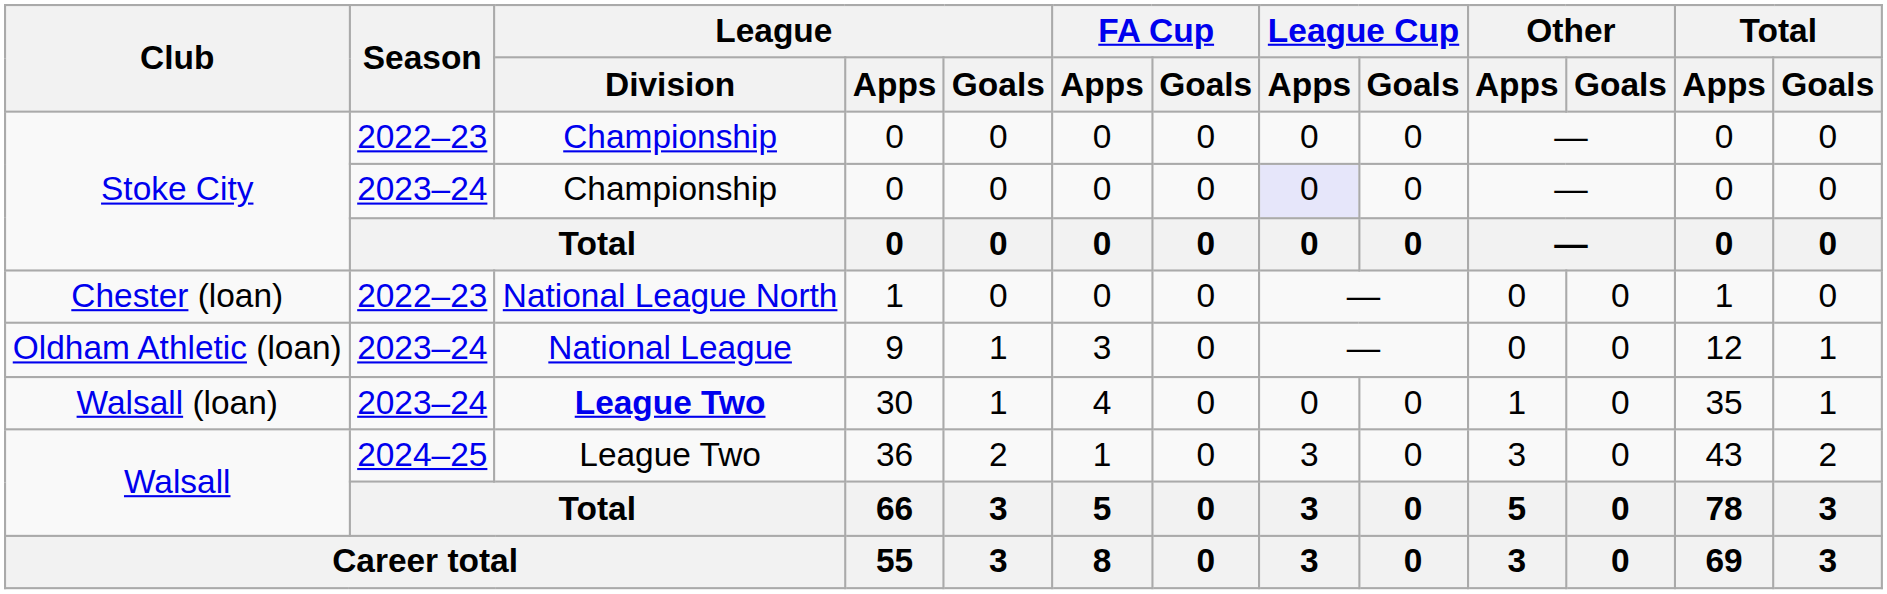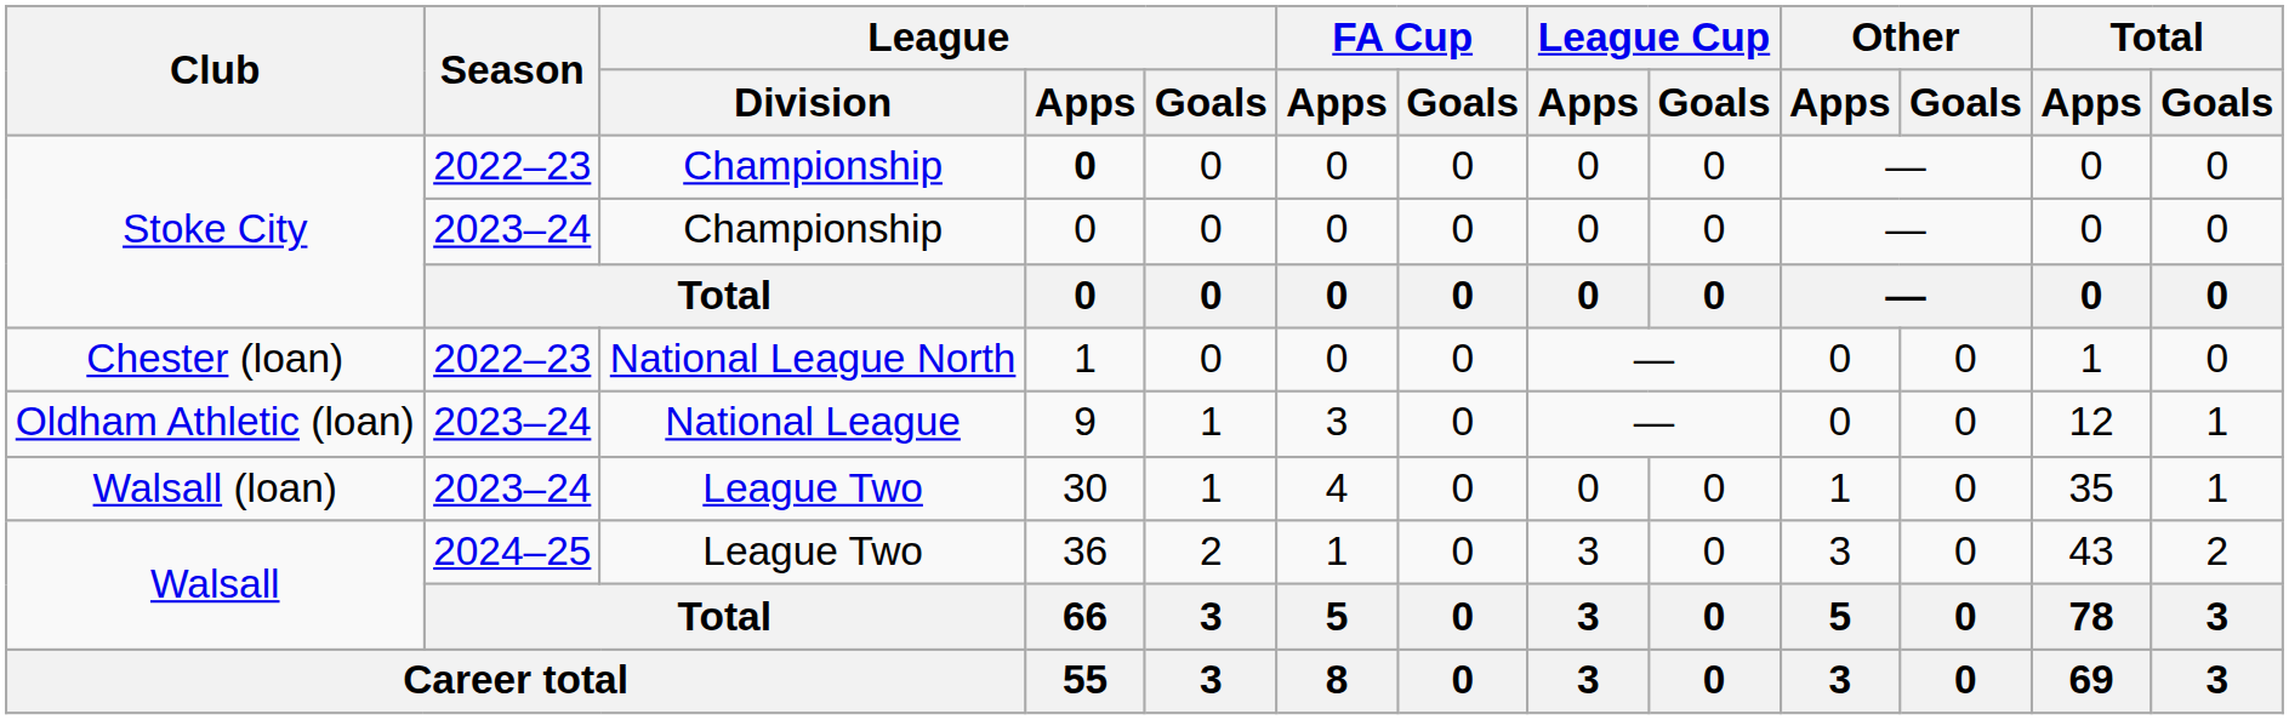 <table class="wikitable" style="text-align: center;">
 <tr>
 <th rowspan="2">Club</th>
 <th rowspan="2">Season</th>
 <th colspan="3">League</th>
 <th colspan="2"><a href='#'>FA Cup</a></th>
 <th colspan="2"><a href='#'>League Cup</a></th>
 <th colspan="2">Other</th>
 <th colspan="2">Total</th>
 </tr>
 <tr>
 <th>Division</th>
 <th>Apps</th>
 <th>Goals</th>
 <th>Apps</th>
 <th>Goals</th>
 <th>Apps</th>
 <th>Goals</th>
 <th>Apps</th>
 <th>Goals</th>
 <th>Apps</th>
 <th>Goals</th>
 </tr>
 <tr>
 <td rowspan=3><a href='#'>Stoke City</a></td>
 <td><a href='#'>2022–23</a></td>
 <td><a href='#'>Championship</a></td>
-<td>0</td>
+<td><strong>0</strong></td>
 <td>0</td>
 <td>0</td>
 <td>0</td>
 <td>0</td>
 <td>0</td>
 <td colspan=2>—</td>
 <td>0</td>
 <td>0</td>
 </tr>
 <tr>
 <td><a href='#'>2023–24</a></td>
 <td>Championship</td>
 <td>0</td>
 <td>0</td>
 <td>0</td>
 <td>0</td>
-<td style="background: lavender;">0</td>
+<td>0</td>
 <td>0</td>
 <td colspan=2>—</td>
 <td>0</td>
 <td>0</td>
 </tr>
 <tr>
 <th colspan=2>Total</th>
 <th>0</th>
 <th>0</th>
 <th>0</th>
 <th>0</th>
 <th>0</th>
 <th>0</th>
 <th colspan=2>—</th>
 <th>0</th>
 <th>0</th>
 </tr>
 <tr>
 <td><a href='#'>Chester</a> (loan)</td>
 <td><a href='#'>2022–23</a></td>
 <td><a href='#'>National League North</a></td>
 <td>1</td>
 <td>0</td>
 <td>0</td>
 <td>0</td>
 <td colspan=2>—</td>
 <td>0</td>
 <td>0</td>
 <td>1</td>
 <td>0</td>
 </tr>
 <tr>
 <td><a href='#'>Oldham Athletic</a> (loan)</td>
 <td><a href='#'>2023–24</a></td>
 <td><a href='#'>National League</a></td>
 <td>9</td>
 <td>1</td>
 <td>3</td>
 <td>0</td>
 <td colspan=2>—</td>
 <td>0</td>
 <td>0</td>
 <td>12</td>
 <td>1</td>
 </tr>
 <tr>
 <td><a href='#'>Walsall</a> (loan)</td>
 <td><a href='#'>2023–24</a></td>
-<td><strong><a href='#'>League Two</a></strong></td>
+<td><a href='#'>League Two</a></td>
 <td>30</td>
 <td>1</td>
 <td>4</td>
 <td>0</td>
 <td>0</td>
 <td>0</td>
 <td>1</td>
 <td>0</td>
 <td>35</td>
 <td>1</td>
 </tr>
 <tr>
 <td rowspan=2><a href='#'>Walsall</a></td>
 <td><a href='#'>2024–25</a></td>
 <td>League Two</td>
 <td>36</td>
 <td>2</td>
 <td>1</td>
 <td>0</td>
 <td>3</td>
 <td>0</td>
 <td>3</td>
 <td>0</td>
 <td>43</td>
 <td>2</td>
 </tr>
 <tr>
 <th colspan=2>Total</th>
 <th>66</th>
 <th>3</th>
 <th>5</th>
 <th>0</th>
 <th>3</th>
 <th>0</th>
 <th>5</th>
 <th>0</th>
 <th>78</th>
 <th>3</th>
 </tr>
 <tr>
 <th colspan="3">Career total</th>
 <th>55</th>
 <th>3</th>
 <th>8</th>
 <th>0</th>
 <th>3</th>
 <th>0</th>
 <th>3</th>
 <th>0</th>
 <th>69</th>
 <th>3</th>
 </tr>
 </table>
